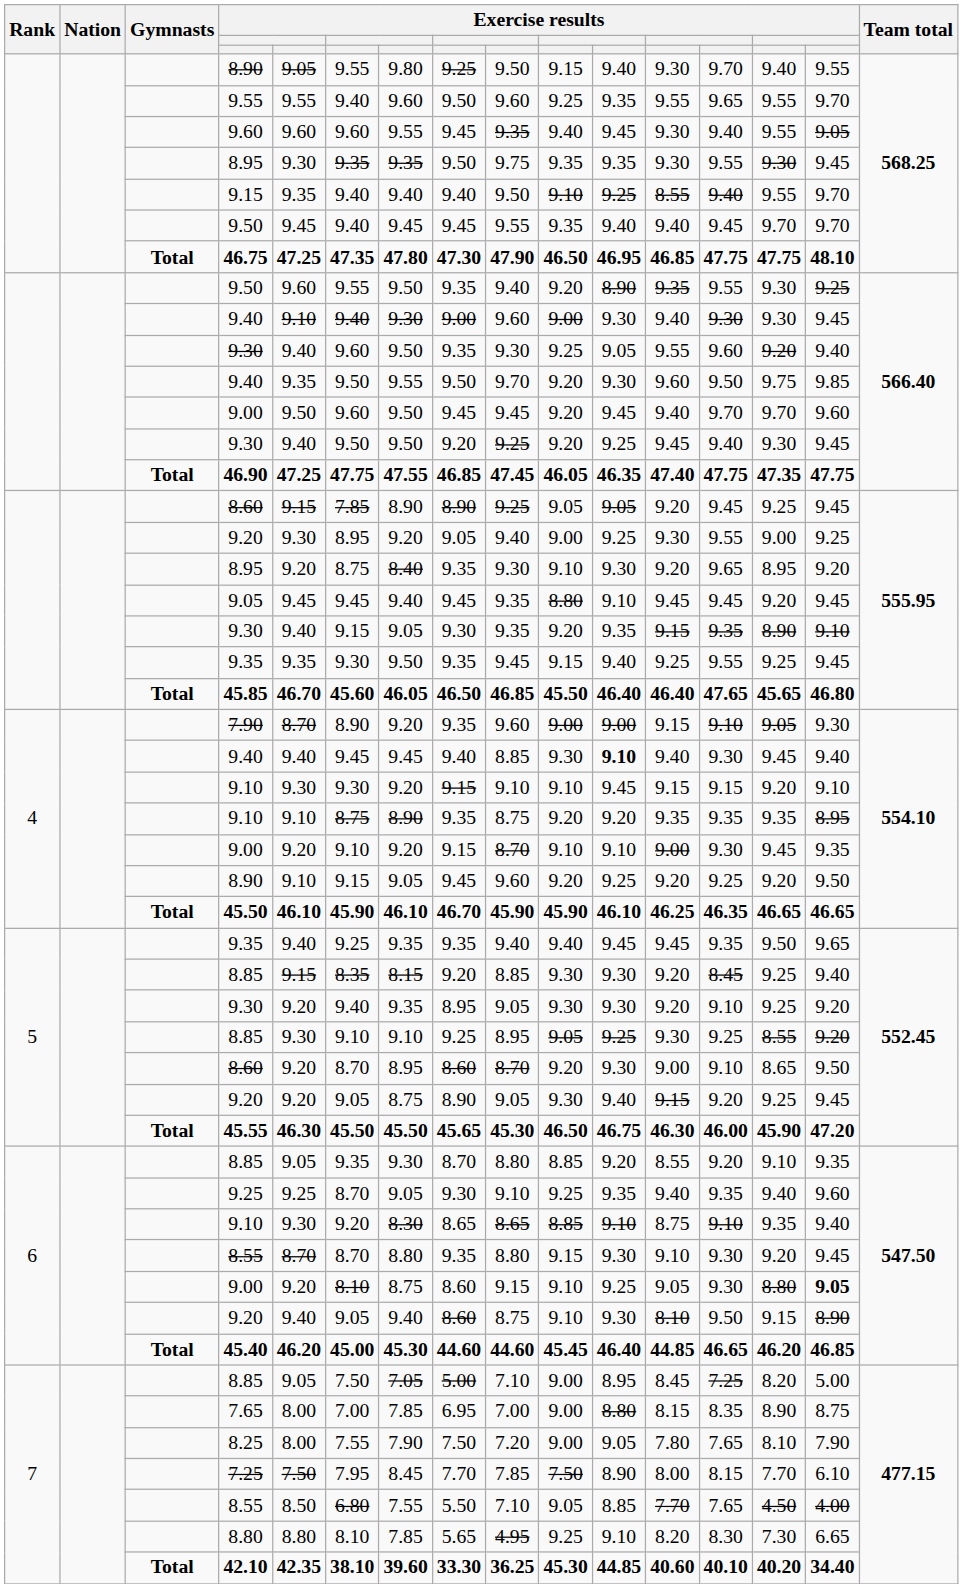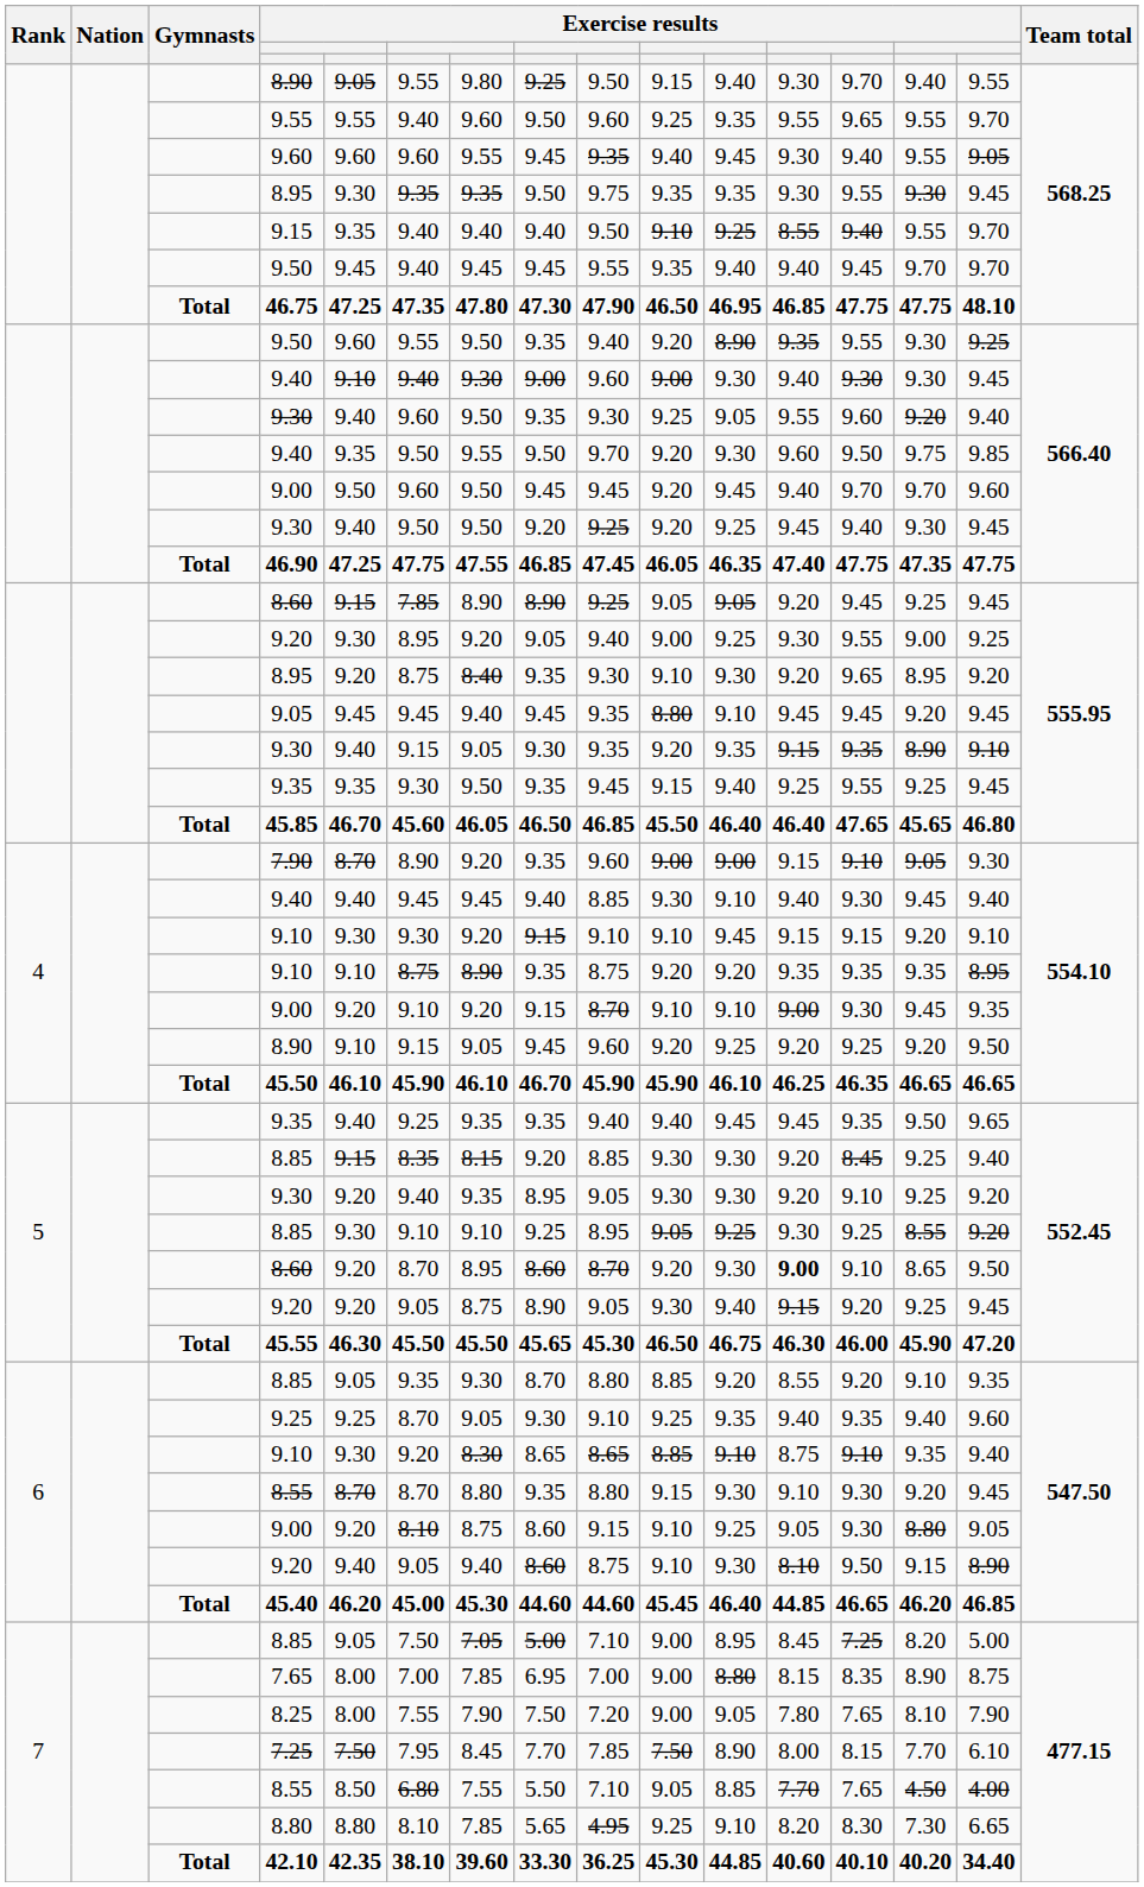 <table class="wikitable sortable" style="text-align:center">
 <tr>
 <th rowspan=3>Rank</th>
 <th rowspan=3>Nation</th>
 <th rowspan=3>Gymnasts</th>
 <th colspan=12>Exercise results</th>
 <th rowspan=3>Team total</th>
 </tr>
 <tr>
 <th colspan=2></th>
 <th colspan=2></th>
 <th colspan=2></th>
 <th colspan=2></th>
 <th colspan=2></th>
 <th colspan=2></th>
 </tr>
 <tr>
 <th></th>
 <th></th>
 <th></th>
 <th></th>
 <th></th>
 <th></th>
 <th></th>
 <th></th>
 <th></th>
 <th></th>
 <th></th>
 <th></th>
 </tr>
 <tr>
 <td rowspan=7></td>
 <td rowspan=7 align=left></td>
 <td align=left></td>
 <td><s>8.90</s></td>
 <td><s>9.05</s></td>
 <td>9.55</td>
 <td>9.80</td>
 <td><s>9.25</s></td>
 <td>9.50</td>
 <td>9.15</td>
 <td>9.40</td>
 <td>9.30</td>
 <td>9.70</td>
 <td>9.40</td>
 <td>9.55</td>
 <td rowspan=7><strong>568.25</strong></td>
 </tr>
 <tr>
 <td align=left></td>
 <td>9.55</td>
 <td>9.55</td>
 <td>9.40</td>
 <td>9.60</td>
 <td>9.50</td>
 <td>9.60</td>
 <td>9.25</td>
 <td>9.35</td>
 <td>9.55</td>
 <td>9.65</td>
 <td>9.55</td>
 <td>9.70</td>
 </tr>
 <tr>
 <td align=left></td>
 <td>9.60</td>
 <td>9.60</td>
 <td>9.60</td>
 <td>9.55</td>
 <td>9.45</td>
 <td><s>9.35</s></td>
 <td>9.40</td>
 <td>9.45</td>
 <td>9.30</td>
 <td>9.40</td>
 <td>9.55</td>
 <td><s>9.05</s></td>
 </tr>
 <tr>
 <td align=left></td>
 <td>8.95</td>
 <td>9.30</td>
 <td><s>9.35</s></td>
 <td><s>9.35</s></td>
 <td>9.50</td>
 <td>9.75</td>
 <td>9.35</td>
 <td>9.35</td>
 <td>9.30</td>
 <td>9.55</td>
 <td><s>9.30</s></td>
 <td>9.45</td>
 </tr>
 <tr>
 <td align=left></td>
 <td>9.15</td>
 <td>9.35</td>
 <td>9.40</td>
 <td>9.40</td>
 <td>9.40</td>
 <td>9.50</td>
 <td><s>9.10</s></td>
 <td><s>9.25</s></td>
 <td><s>8.55</s></td>
 <td><s>9.40</s></td>
 <td>9.55</td>
 <td>9.70</td>
 </tr>
 <tr>
 <td align=left></td>
 <td>9.50</td>
 <td>9.45</td>
 <td>9.40</td>
 <td>9.45</td>
 <td>9.45</td>
 <td>9.55</td>
 <td>9.35</td>
 <td>9.40</td>
 <td>9.40</td>
 <td>9.45</td>
 <td>9.70</td>
 <td>9.70</td>
 </tr>
 <tr>
 <td><strong>Total</strong></td>
 <td><strong>46.75</strong></td>
 <td><strong>47.25</strong></td>
 <td><strong>47.35</strong></td>
 <td><strong>47.80</strong></td>
 <td><strong>47.30</strong></td>
 <td><strong>47.90</strong></td>
 <td><strong>46.50</strong></td>
 <td><strong>46.95</strong></td>
 <td><strong>46.85</strong></td>
 <td><strong>47.75</strong></td>
 <td><strong>47.75</strong></td>
 <td><strong>48.10</strong></td>
 </tr>
 <tr>
 <td rowspan=7></td>
 <td rowspan=7 align=left></td>
 <td align=left></td>
 <td>9.50</td>
 <td>9.60</td>
 <td>9.55</td>
 <td>9.50</td>
 <td>9.35</td>
 <td>9.40</td>
 <td>9.20</td>
 <td><s>8.90</s></td>
 <td><s>9.35</s></td>
 <td>9.55</td>
 <td>9.30</td>
 <td><s>9.25</s></td>
 <td rowspan=7><strong>566.40</strong></td>
 </tr>
 <tr>
 <td align=left></td>
 <td>9.40</td>
 <td><s>9.10</s></td>
 <td><s>9.40</s></td>
 <td><s>9.30</s></td>
 <td><s>9.00</s></td>
 <td>9.60</td>
 <td><s>9.00</s></td>
 <td>9.30</td>
 <td>9.40</td>
 <td><s>9.30</s></td>
 <td>9.30</td>
 <td>9.45</td>
 </tr>
 <tr>
 <td align=left></td>
 <td><s>9.30</s></td>
 <td>9.40</td>
 <td>9.60</td>
 <td>9.50</td>
 <td>9.35</td>
 <td>9.30</td>
 <td>9.25</td>
 <td>9.05</td>
 <td>9.55</td>
 <td>9.60</td>
 <td><s>9.20</s></td>
 <td>9.40</td>
 </tr>
 <tr>
 <td align=left></td>
 <td>9.40</td>
 <td>9.35</td>
 <td>9.50</td>
 <td>9.55</td>
 <td>9.50</td>
 <td>9.70</td>
 <td>9.20</td>
 <td>9.30</td>
 <td>9.60</td>
 <td>9.50</td>
 <td>9.75</td>
 <td>9.85</td>
 </tr>
 <tr>
 <td align=left></td>
 <td>9.00</td>
 <td>9.50</td>
 <td>9.60</td>
 <td>9.50</td>
 <td>9.45</td>
 <td>9.45</td>
 <td>9.20</td>
 <td>9.45</td>
 <td>9.40</td>
 <td>9.70</td>
 <td>9.70</td>
 <td>9.60</td>
 </tr>
 <tr>
 <td align=left></td>
 <td>9.30</td>
 <td>9.40</td>
 <td>9.50</td>
 <td>9.50</td>
 <td>9.20</td>
 <td><s>9.25</s></td>
 <td>9.20</td>
 <td>9.25</td>
 <td>9.45</td>
 <td>9.40</td>
 <td>9.30</td>
 <td>9.45</td>
 </tr>
 <tr>
 <td><strong>Total</strong></td>
 <td><strong>46.90</strong></td>
 <td><strong>47.25</strong></td>
 <td><strong>47.75</strong></td>
 <td><strong>47.55</strong></td>
 <td><strong>46.85</strong></td>
 <td><strong>47.45</strong></td>
 <td><strong>46.05</strong></td>
 <td><strong>46.35</strong></td>
 <td><strong>47.40</strong></td>
 <td><strong>47.75</strong></td>
 <td><strong>47.35</strong></td>
 <td><strong>47.75</strong></td>
 </tr>
 <tr>
 <td rowspan=7></td>
 <td rowspan=7 align=left></td>
 <td align=left></td>
 <td><s>8.60</s></td>
 <td><s>9.15</s></td>
 <td><s>7.85</s></td>
 <td>8.90</td>
 <td><s>8.90</s></td>
 <td><s>9.25</s></td>
 <td>9.05</td>
 <td><s>9.05</s></td>
 <td>9.20</td>
 <td>9.45</td>
 <td>9.25</td>
 <td>9.45</td>
 <td rowspan=7><strong>555.95</strong></td>
 </tr>
 <tr>
 <td align=left></td>
 <td>9.20</td>
 <td>9.30</td>
 <td>8.95</td>
 <td>9.20</td>
 <td>9.05</td>
 <td>9.40</td>
 <td>9.00</td>
 <td>9.25</td>
 <td>9.30</td>
 <td>9.55</td>
 <td>9.00</td>
 <td>9.25</td>
 </tr>
 <tr>
 <td align=left></td>
 <td>8.95</td>
 <td>9.20</td>
 <td>8.75</td>
 <td><s>8.40</s></td>
 <td>9.35</td>
 <td>9.30</td>
 <td>9.10</td>
 <td>9.30</td>
 <td>9.20</td>
 <td>9.65</td>
 <td>8.95</td>
 <td>9.20</td>
 </tr>
 <tr>
 <td align=left></td>
 <td>9.05</td>
 <td>9.45</td>
 <td>9.45</td>
 <td>9.40</td>
 <td>9.45</td>
 <td>9.35</td>
 <td><s>8.80</s></td>
 <td>9.10</td>
 <td>9.45</td>
 <td>9.45</td>
 <td>9.20</td>
 <td>9.45</td>
 </tr>
 <tr>
 <td align=left></td>
 <td>9.30</td>
 <td>9.40</td>
 <td>9.15</td>
 <td>9.05</td>
 <td>9.30</td>
 <td>9.35</td>
 <td>9.20</td>
 <td>9.35</td>
 <td><s>9.15</s></td>
 <td><s>9.35</s></td>
 <td><s>8.90</s></td>
 <td><s>9.10</s></td>
 </tr>
 <tr>
 <td align=left></td>
 <td>9.35</td>
 <td>9.35</td>
 <td>9.30</td>
 <td>9.50</td>
 <td>9.35</td>
 <td>9.45</td>
 <td>9.15</td>
 <td>9.40</td>
 <td>9.25</td>
 <td>9.55</td>
 <td>9.25</td>
 <td>9.45</td>
 </tr>
 <tr>
 <td><strong>Total</strong></td>
 <td><strong>45.85</strong></td>
 <td><strong>46.70</strong></td>
 <td><strong>45.60</strong></td>
 <td><strong>46.05</strong></td>
 <td><strong>46.50</strong></td>
 <td><strong>46.85</strong></td>
 <td><strong>45.50</strong></td>
 <td><strong>46.40</strong></td>
 <td><strong>46.40</strong></td>
 <td><strong>47.65</strong></td>
 <td><strong>45.65</strong></td>
 <td><strong>46.80</strong></td>
 </tr>
 <tr>
 <td rowspan=7>4</td>
 <td rowspan=7 align=left></td>
 <td align=left></td>
 <td><s>7.90</s></td>
 <td><s>8.70</s></td>
 <td>8.90</td>
 <td>9.20</td>
 <td>9.35</td>
 <td>9.60</td>
 <td><s>9.00</s></td>
 <td><s>9.00</s></td>
 <td>9.15</td>
 <td><s>9.10</s></td>
 <td><s>9.05</s></td>
 <td>9.30</td>
 <td rowspan=7><strong>554.10</strong></td>
 </tr>
 <tr>
 <td align=left></td>
 <td>9.40</td>
 <td>9.40</td>
 <td>9.45</td>
 <td>9.45</td>
 <td>9.40</td>
 <td>8.85</td>
 <td>9.30</td>
-<td><strong>9.10</strong></td>
+<td>9.10</td>
 <td>9.40</td>
 <td>9.30</td>
 <td>9.45</td>
 <td>9.40</td>
 </tr>
 <tr>
 <td align=left></td>
 <td>9.10</td>
 <td>9.30</td>
 <td>9.30</td>
 <td>9.20</td>
 <td><s>9.15</s></td>
 <td>9.10</td>
 <td>9.10</td>
 <td>9.45</td>
 <td>9.15</td>
 <td>9.15</td>
 <td>9.20</td>
 <td>9.10</td>
 </tr>
 <tr>
 <td align=left></td>
 <td>9.10</td>
 <td>9.10</td>
 <td><s>8.75</s></td>
 <td><s>8.90</s></td>
 <td>9.35</td>
 <td>8.75</td>
 <td>9.20</td>
 <td>9.20</td>
 <td>9.35</td>
 <td>9.35</td>
 <td>9.35</td>
 <td><s>8.95</s></td>
 </tr>
 <tr>
 <td align=left></td>
 <td>9.00</td>
 <td>9.20</td>
 <td>9.10</td>
 <td>9.20</td>
 <td>9.15</td>
 <td><s>8.70</s></td>
 <td>9.10</td>
 <td>9.10</td>
 <td><s>9.00</s></td>
 <td>9.30</td>
 <td>9.45</td>
 <td>9.35</td>
 </tr>
 <tr>
 <td align=left></td>
 <td>8.90</td>
 <td>9.10</td>
 <td>9.15</td>
 <td>9.05</td>
 <td>9.45</td>
 <td>9.60</td>
 <td>9.20</td>
 <td>9.25</td>
 <td>9.20</td>
 <td>9.25</td>
 <td>9.20</td>
 <td>9.50</td>
 </tr>
 <tr>
 <td><strong>Total</strong></td>
 <td><strong>45.50</strong></td>
 <td><strong>46.10</strong></td>
 <td><strong>45.90</strong></td>
 <td><strong>46.10</strong></td>
 <td><strong>46.70</strong></td>
 <td><strong>45.90</strong></td>
 <td><strong>45.90</strong></td>
 <td><strong>46.10</strong></td>
 <td><strong>46.25</strong></td>
 <td><strong>46.35</strong></td>
 <td><strong>46.65</strong></td>
 <td><strong>46.65</strong></td>
 </tr>
 <tr>
 <td rowspan=7>5</td>
 <td rowspan=7 align=left></td>
 <td align=left></td>
 <td>9.35</td>
 <td>9.40</td>
 <td>9.25</td>
 <td>9.35</td>
 <td>9.35</td>
 <td>9.40</td>
 <td>9.40</td>
 <td>9.45</td>
 <td>9.45</td>
 <td>9.35</td>
 <td>9.50</td>
 <td>9.65</td>
 <td rowspan=7><strong>552.45</strong></td>
 </tr>
 <tr>
 <td align=left></td>
 <td>8.85</td>
 <td><s>9.15</s></td>
 <td><s>8.35</s></td>
 <td><s>8.15</s></td>
 <td>9.20</td>
 <td>8.85</td>
 <td>9.30</td>
 <td>9.30</td>
 <td>9.20</td>
 <td><s>8.45</s></td>
 <td>9.25</td>
 <td>9.40</td>
 </tr>
 <tr>
 <td align=left></td>
 <td>9.30</td>
 <td>9.20</td>
 <td>9.40</td>
 <td>9.35</td>
 <td>8.95</td>
 <td>9.05</td>
 <td>9.30</td>
 <td>9.30</td>
 <td>9.20</td>
 <td>9.10</td>
 <td>9.25</td>
 <td>9.20</td>
 </tr>
 <tr>
 <td align=left></td>
 <td>8.85</td>
 <td>9.30</td>
 <td>9.10</td>
 <td>9.10</td>
 <td>9.25</td>
 <td>8.95</td>
 <td><s>9.05</s></td>
 <td><s>9.25</s></td>
 <td>9.30</td>
 <td>9.25</td>
 <td><s>8.55</s></td>
 <td><s>9.20</s></td>
 </tr>
 <tr>
 <td align=left></td>
 <td><s>8.60</s></td>
 <td>9.20</td>
 <td>8.70</td>
 <td>8.95</td>
 <td><s>8.60</s></td>
 <td><s>8.70</s></td>
 <td>9.20</td>
 <td>9.30</td>
-<td>9.00</td>
+<td><strong>9.00</strong></td>
 <td>9.10</td>
 <td>8.65</td>
 <td>9.50</td>
 </tr>
 <tr>
 <td align=left></td>
 <td>9.20</td>
 <td>9.20</td>
 <td>9.05</td>
 <td>8.75</td>
 <td>8.90</td>
 <td>9.05</td>
 <td>9.30</td>
 <td>9.40</td>
 <td><s>9.15</s></td>
 <td>9.20</td>
 <td>9.25</td>
 <td>9.45</td>
 </tr>
 <tr>
 <td><strong>Total</strong></td>
 <td><strong>45.55</strong></td>
 <td><strong>46.30</strong></td>
 <td><strong>45.50</strong></td>
 <td><strong>45.50</strong></td>
 <td><strong>45.65</strong></td>
 <td><strong>45.30</strong></td>
 <td><strong>46.50</strong></td>
 <td><strong>46.75</strong></td>
 <td><strong>46.30</strong></td>
 <td><strong>46.00</strong></td>
 <td><strong>45.90</strong></td>
 <td><strong>47.20</strong></td>
 </tr>
 <tr>
 <td rowspan=7>6</td>
 <td rowspan=7 align=left></td>
 <td align=left></td>
 <td>8.85</td>
 <td>9.05</td>
 <td>9.35</td>
 <td>9.30</td>
 <td>8.70</td>
 <td>8.80</td>
 <td>8.85</td>
 <td>9.20</td>
 <td>8.55</td>
 <td>9.20</td>
 <td>9.10</td>
 <td>9.35</td>
 <td rowspan=7><strong>547.50</strong></td>
 </tr>
 <tr>
 <td align=left></td>
 <td>9.25</td>
 <td>9.25</td>
 <td>8.70</td>
 <td>9.05</td>
 <td>9.30</td>
 <td>9.10</td>
 <td>9.25</td>
 <td>9.35</td>
 <td>9.40</td>
 <td>9.35</td>
 <td>9.40</td>
 <td>9.60</td>
 </tr>
 <tr>
 <td align=left></td>
 <td>9.10</td>
 <td>9.30</td>
 <td>9.20</td>
 <td><s>8.30</s></td>
 <td>8.65</td>
 <td><s>8.65</s></td>
 <td><s>8.85</s></td>
 <td><s>9.10</s></td>
 <td>8.75</td>
 <td><s>9.10</s></td>
 <td>9.35</td>
 <td>9.40</td>
 </tr>
 <tr>
 <td align=left></td>
 <td><s>8.55</s></td>
 <td><s>8.70</s></td>
 <td>8.70</td>
 <td>8.80</td>
 <td>9.35</td>
 <td>8.80</td>
 <td>9.15</td>
 <td>9.30</td>
 <td>9.10</td>
 <td>9.30</td>
 <td>9.20</td>
 <td>9.45</td>
 </tr>
 <tr>
 <td align=left></td>
 <td>9.00</td>
 <td>9.20</td>
 <td><s>8.10</s></td>
 <td>8.75</td>
 <td>8.60</td>
 <td>9.15</td>
 <td>9.10</td>
 <td>9.25</td>
 <td>9.05</td>
 <td>9.30</td>
 <td><s>8.80</s></td>
-<td><strong>9.05</strong></td>
+<td>9.05</td>
 </tr>
 <tr>
 <td align=left></td>
 <td>9.20</td>
 <td>9.40</td>
 <td>9.05</td>
 <td>9.40</td>
 <td><s>8.60</s></td>
 <td>8.75</td>
 <td>9.10</td>
 <td>9.30</td>
 <td><s>8.10</s></td>
 <td>9.50</td>
 <td>9.15</td>
 <td><s>8.90</s></td>
 </tr>
 <tr>
 <td><strong>Total</strong></td>
 <td><strong>45.40</strong></td>
 <td><strong>46.20</strong></td>
 <td><strong>45.00</strong></td>
 <td><strong>45.30</strong></td>
 <td><strong>44.60</strong></td>
 <td><strong>44.60</strong></td>
 <td><strong>45.45</strong></td>
 <td><strong>46.40</strong></td>
 <td><strong>44.85</strong></td>
 <td><strong>46.65</strong></td>
 <td><strong>46.20</strong></td>
 <td><strong>46.85</strong></td>
 </tr>
 <tr>
 <td rowspan=7>7</td>
 <td rowspan=7 align=left></td>
 <td align=left></td>
 <td>8.85</td>
 <td>9.05</td>
 <td>7.50</td>
 <td><s>7.05</s></td>
 <td><s>5.00</s></td>
 <td>7.10</td>
 <td>9.00</td>
 <td>8.95</td>
 <td>8.45</td>
 <td><s>7.25</s></td>
 <td>8.20</td>
 <td>5.00</td>
 <td rowspan=7><strong>477.15</strong></td>
 </tr>
 <tr>
 <td align=left></td>
 <td>7.65</td>
 <td>8.00</td>
 <td>7.00</td>
 <td>7.85</td>
 <td>6.95</td>
 <td>7.00</td>
 <td>9.00</td>
 <td><s>8.80</s></td>
 <td>8.15</td>
 <td>8.35</td>
 <td>8.90</td>
 <td>8.75</td>
 </tr>
 <tr>
 <td align=left></td>
 <td>8.25</td>
 <td>8.00</td>
 <td>7.55</td>
 <td>7.90</td>
 <td>7.50</td>
 <td>7.20</td>
 <td>9.00</td>
 <td>9.05</td>
 <td>7.80</td>
 <td>7.65</td>
 <td>8.10</td>
 <td>7.90</td>
 </tr>
 <tr>
 <td align=left></td>
 <td><s>7.25</s></td>
 <td><s>7.50</s></td>
 <td>7.95</td>
 <td>8.45</td>
 <td>7.70</td>
 <td>7.85</td>
 <td><s>7.50</s></td>
 <td>8.90</td>
 <td>8.00</td>
 <td>8.15</td>
 <td>7.70</td>
 <td>6.10</td>
 </tr>
 <tr>
 <td align=left></td>
 <td>8.55</td>
 <td>8.50</td>
 <td><s>6.80</s></td>
 <td>7.55</td>
 <td>5.50</td>
 <td>7.10</td>
 <td>9.05</td>
 <td>8.85</td>
 <td><s>7.70</s></td>
 <td>7.65</td>
 <td><s>4.50</s></td>
 <td><s>4.00</s></td>
 </tr>
 <tr>
 <td align=left></td>
 <td>8.80</td>
 <td>8.80</td>
 <td>8.10</td>
 <td>7.85</td>
 <td>5.65</td>
 <td><s>4.95</s></td>
 <td>9.25</td>
 <td>9.10</td>
 <td>8.20</td>
 <td>8.30</td>
 <td>7.30</td>
 <td>6.65</td>
 </tr>
 <tr>
 <td><strong>Total</strong></td>
 <td><strong>42.10</strong></td>
 <td><strong>42.35</strong></td>
 <td><strong>38.10</strong></td>
 <td><strong>39.60</strong></td>
 <td><strong>33.30</strong></td>
 <td><strong>36.25</strong></td>
 <td><strong>45.30</strong></td>
 <td><strong>44.85</strong></td>
 <td><strong>40.60</strong></td>
 <td><strong>40.10</strong></td>
 <td><strong>40.20</strong></td>
 <td><strong>34.40</strong></td>
 </tr>
 </table>
